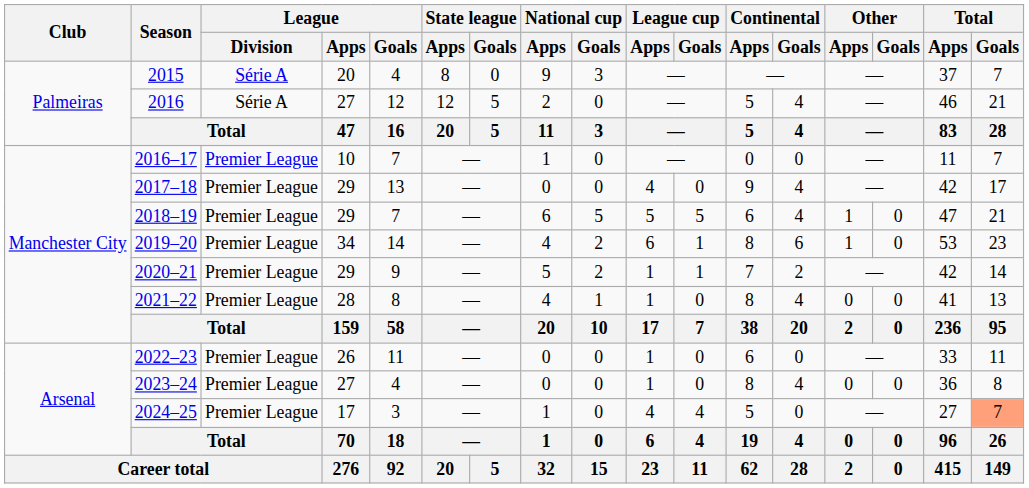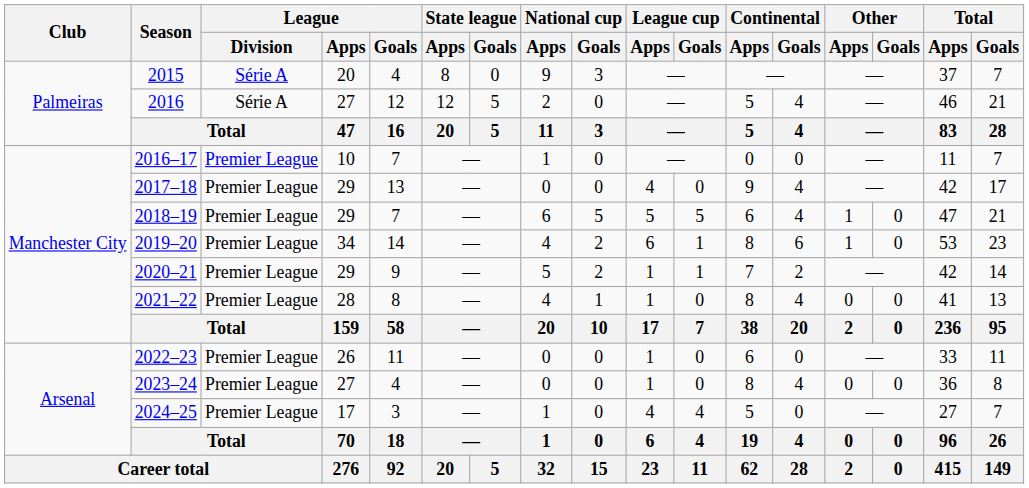 <table class="wikitable" style="text-align: center;">
 <tr>
 <th rowspan="2">Club</th>
 <th rowspan="2">Season</th>
 <th colspan="3">League</th>
 <th colspan="2">State league</th>
 <th colspan="2">National cup</th>
 <th colspan="2">League cup</th>
 <th colspan="2">Continental</th>
 <th colspan="2">Other</th>
 <th colspan="2">Total</th>
 </tr>
 <tr>
 <th>Division</th>
 <th>Apps</th>
 <th>Goals</th>
 <th>Apps</th>
 <th>Goals</th>
 <th>Apps</th>
 <th>Goals</th>
 <th>Apps</th>
 <th>Goals</th>
 <th>Apps</th>
 <th>Goals</th>
 <th>Apps</th>
 <th>Goals</th>
 <th>Apps</th>
 <th>Goals</th>
 </tr>
 <tr>
 <td rowspan="3"><a href='#'>Palmeiras</a></td>
 <td><a href='#'>2015</a></td>
 <td><a href='#'>Série A</a></td>
 <td>20</td>
 <td>4</td>
 <td>8</td>
 <td>0</td>
 <td>9</td>
 <td>3</td>
 <td colspan="2">—</td>
 <td colspan="2">—</td>
 <td colspan="2">—</td>
 <td>37</td>
 <td>7</td>
 </tr>
 <tr>
 <td><a href='#'>2016</a></td>
 <td>Série A</td>
 <td>27</td>
 <td>12</td>
 <td>12</td>
 <td>5</td>
 <td>2</td>
 <td>0</td>
 <td colspan=2>—</td>
 <td>5</td>
 <td>4</td>
 <td colspan="2">—</td>
 <td>46</td>
 <td>21</td>
 </tr>
 <tr>
 <th colspan="2">Total</th>
 <th>47</th>
 <th>16</th>
 <th>20</th>
 <th>5</th>
 <th>11</th>
 <th>3</th>
 <th colspan="2">—</th>
 <th>5</th>
 <th>4</th>
 <th colspan="2">—</th>
 <th>83</th>
 <th>28</th>
 </tr>
 <tr>
 <td rowspan="7"><a href='#'>Manchester City</a></td>
 <td><a href='#'>2016–17</a></td>
 <td><a href='#'>Premier League</a></td>
 <td>10</td>
 <td>7</td>
 <td colspan="2">—</td>
 <td>1</td>
 <td>0</td>
 <td colspan="2">—</td>
 <td>0</td>
 <td>0</td>
 <td colspan="2">—</td>
 <td>11</td>
 <td>7</td>
 </tr>
 <tr>
 <td><a href='#'>2017–18</a></td>
 <td>Premier League</td>
 <td>29</td>
 <td>13</td>
 <td colspan="2">—</td>
 <td>0</td>
 <td>0</td>
 <td>4</td>
 <td>0</td>
 <td>9</td>
 <td>4</td>
 <td colspan=2>—</td>
 <td>42</td>
 <td>17</td>
 </tr>
 <tr>
 <td><a href='#'>2018–19</a></td>
 <td>Premier League</td>
 <td>29</td>
 <td>7</td>
 <td colspan="2">—</td>
 <td>6</td>
 <td>5</td>
 <td>5</td>
 <td>5</td>
 <td>6</td>
 <td>4</td>
 <td>1</td>
 <td>0</td>
 <td>47</td>
 <td>21</td>
 </tr>
 <tr>
 <td><a href='#'>2019–20</a></td>
 <td>Premier League</td>
 <td>34</td>
 <td>14</td>
 <td colspan="2">—</td>
 <td>4</td>
 <td>2</td>
 <td>6</td>
 <td>1</td>
 <td>8</td>
 <td>6</td>
 <td>1</td>
 <td>0</td>
 <td>53</td>
 <td>23</td>
 </tr>
 <tr>
 <td><a href='#'>2020–21</a></td>
 <td>Premier League</td>
 <td>29</td>
 <td>9</td>
 <td colspan="2">—</td>
 <td>5</td>
 <td>2</td>
 <td>1</td>
 <td>1</td>
 <td>7</td>
 <td>2</td>
 <td colspan="2">—</td>
 <td>42</td>
 <td>14</td>
 </tr>
 <tr>
 <td><a href='#'>2021–22</a></td>
 <td>Premier League</td>
 <td>28</td>
 <td>8</td>
 <td colspan="2">—</td>
 <td>4</td>
 <td>1</td>
 <td>1</td>
 <td>0</td>
 <td>8</td>
 <td>4</td>
 <td>0</td>
 <td>0</td>
 <td>41</td>
 <td>13</td>
 </tr>
 <tr>
 <th colspan="2">Total</th>
 <th>159</th>
 <th>58</th>
 <th colspan="2">—</th>
 <th>20</th>
 <th>10</th>
 <th>17</th>
 <th>7</th>
 <th>38</th>
 <th>20</th>
 <th>2</th>
 <th>0</th>
 <th>236</th>
 <th>95</th>
 </tr>
 <tr>
 <td rowspan="4"><a href='#'>Arsenal</a></td>
 <td><a href='#'>2022–23</a></td>
 <td>Premier League</td>
 <td>26</td>
 <td>11</td>
 <td colspan="2">—</td>
 <td>0</td>
 <td>0</td>
 <td>1</td>
 <td>0</td>
 <td>6</td>
 <td>0</td>
 <td colspan="2">—</td>
 <td>33</td>
 <td>11</td>
 </tr>
 <tr>
 <td><a href='#'>2023–24</a></td>
 <td>Premier League</td>
 <td>27</td>
 <td>4</td>
 <td colspan="2">—</td>
 <td>0</td>
 <td>0</td>
 <td>1</td>
 <td>0</td>
 <td>8</td>
 <td>4</td>
 <td>0</td>
 <td>0</td>
 <td>36</td>
 <td>8</td>
 </tr>
 <tr>
 <td><a href='#'>2024–25</a></td>
 <td>Premier League</td>
 <td>17</td>
 <td>3</td>
 <td colspan="2">—</td>
 <td>1</td>
 <td>0</td>
 <td>4</td>
 <td>4</td>
 <td>5</td>
 <td>0</td>
 <td colspan="2">—</td>
 <td>27</td>
-<td style="background: lightsalmon;">7</td>
+<td>7</td>
 </tr>
 <tr>
 <th colspan="2">Total</th>
 <th>70</th>
 <th>18</th>
 <th colspan="2">—</th>
 <th>1</th>
 <th>0</th>
 <th>6</th>
 <th>4</th>
 <th>19</th>
 <th>4</th>
 <th>0</th>
 <th>0</th>
 <th>96</th>
 <th>26</th>
 </tr>
 <tr>
 <th colspan="3">Career total</th>
 <th>276</th>
 <th>92</th>
 <th>20</th>
 <th>5</th>
 <th>32</th>
 <th>15</th>
 <th>23</th>
 <th>11</th>
 <th>62</th>
 <th>28</th>
 <th>2</th>
 <th>0</th>
 <th>415</th>
 <th>149</th>
 </tr>
 </table>
